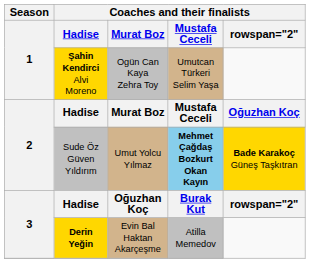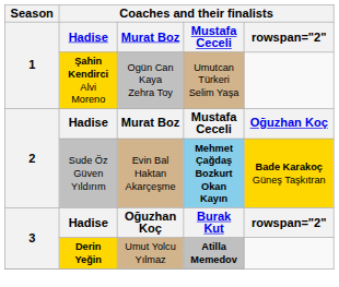 <table class="wikitable" style="text-align:center; line-height:16px; width:70%">
 <tr>
 <th style="width:10%">Season</th>
 <th colspan="4" style="width:50%">Coaches and their finalists</th>
 </tr>
 <tr>
 <th rowspan="2">1</th>
 <th style="width:15%" scope="col"><a href='#'>Hadise</a></th>
 <th style="width:15%" scope="col"><a href='#'>Murat Boz</a></th>
 <th style="width:15%" scope="col"><a href='#'>Mustafa Ceceli</a></th>
 <th>rowspan="2" </th>
 </tr>
 <tr>
 <td style="background:gold"><small><strong>Şahin Kendirci</strong><br>Alvi Moreno</small></td>
 <td style="background:silver"><small>Ogün Can Kaya<br>Zehra Toy</small></td>
 <td style="background:tan"><small>Umutcan Türkeri<br>Selim Yaşa</small></td>
 </tr>
 <tr>
 <th rowspan="2">2</th>
 <th scope="col">Hadise</th>
 <th scope="col">Murat Boz</th>
 <th scope="col">Mustafa Ceceli</th>
 <th style="width:15%" scope="col"><a href='#'>Oğuzhan Koç</a></th>
 </tr>
 <tr>
 <td style="background:silver"><small>Sude Öz<br>Güven Yıldırım</small></td>
-<td style="background:tan"><small>Umut Yolcu Yılmaz</small></td>
+<td style="background:tan"><small>Evin Bal<br>Haktan Akarçeşme</small></td>
 <td style="background:skyblue"><strong><small>Mehmet Çağdaş Bozkurt<br>Okan Kayın</small></strong></td>
 <td style="background:gold"><small><strong>Bade Karakoç</strong><br>Güneş Taşkıtran</small></td>
 </tr>
 <tr>
 <th rowspan="2">3</th>
 <th scope="col">Hadise</th>
 <th scope="col">Oğuzhan Koç</th>
 <th scope="col"><a href='#'>Burak Kut</a></th>
 <th>rowspan="2" </th>
 </tr>
 <tr>
 <td style="background:gold"><small><strong>Derin Yeğin</strong></small></td>
-<td style="background:tan"><small>Evin Bal<br>Haktan Akarçeşme</small></td>
-<td style="background:silver"><small>Atilla Memedov</small></td>
+<td style="background:tan"><small>Umut Yolcu Yılmaz</small></td>
+<td style="background:silver"><strong><small>Atilla Memedov</small></strong></td>
 </tr>
 <tr>
 </tr>
 </table>
